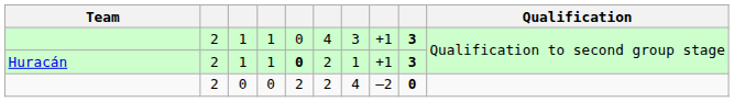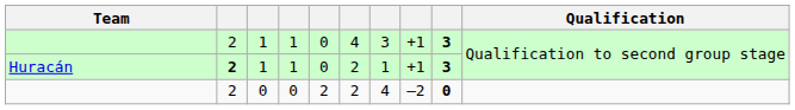 <table class="wikitable" style="text-align:center;">
 <tr>
 <th width=175>Team</th>
 <th width=20></th>
 <th width=20></th>
 <th width=20></th>
 <th width=20></th>
 <th width=20></th>
 <th width=20></th>
 <th width=20></th>
 <th width=20></th>
 <th>Qualification</th>
 </tr>
 <tr bgcolor="#ccffcc">
 <td align="left"></td>
 <td>2</td>
 <td>1</td>
 <td>1</td>
 <td>0</td>
 <td>4</td>
 <td>3</td>
 <td>+1</td>
 <td><strong>3</strong></td>
 <td rowspan="2">Qualification to second group stage</td>
 </tr>
 <tr bgcolor="#ccffcc">
 <td align="left"> <a href='#'>Huracán</a></td>
-<td>2</td>
+<td><strong>2</strong></td>
 <td>1</td>
 <td>1</td>
-<td><strong>0</strong></td>
+<td>0</td>
 <td>2</td>
 <td>1</td>
 <td>+1</td>
 <td><strong>3</strong></td>
 </tr>
 <tr>
 <td align="left"></td>
 <td>2</td>
 <td>0</td>
 <td>0</td>
 <td>2</td>
 <td>2</td>
 <td>4</td>
 <td>–2</td>
 <td><strong>0</strong></td>
 <td></td>
 </tr>
 </table>
